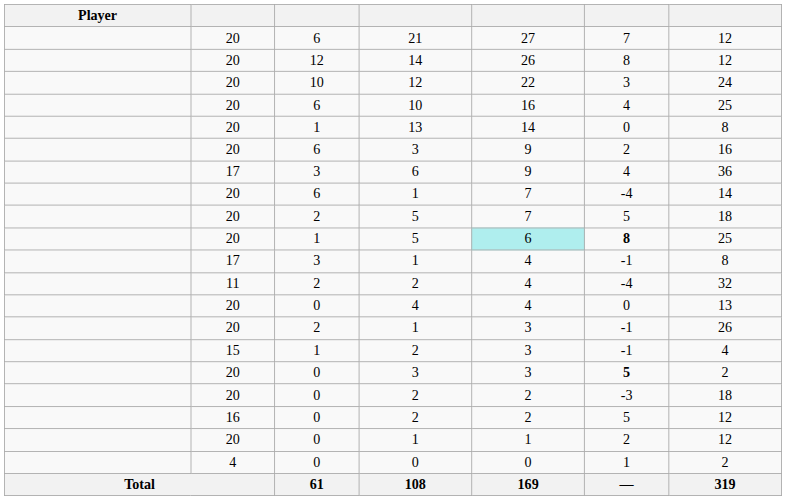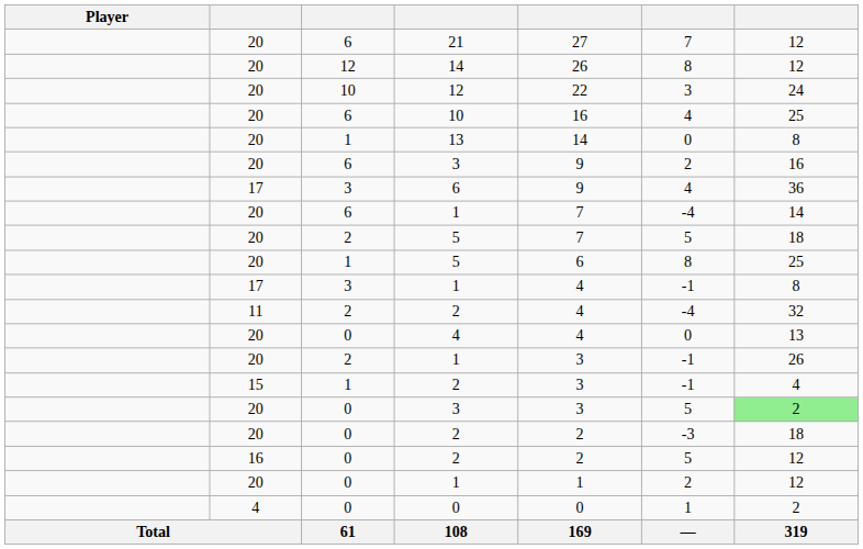 <table class="wikitable sortable" style="width:100%; text-align:center;">
 <tr>
 <th>Player</th>
 <th></th>
 <th></th>
 <th></th>
 <th></th>
 <th data-sort-type="number"></th>
 <th></th>
 </tr>
 <tr>
 <td></td>
 <td>20</td>
 <td>6</td>
 <td>21</td>
 <td>27</td>
 <td>7</td>
 <td>12</td>
 </tr>
 <tr>
 <td></td>
 <td>20</td>
 <td>12</td>
 <td>14</td>
 <td>26</td>
 <td>8</td>
 <td>12</td>
 </tr>
 <tr>
 <td></td>
 <td>20</td>
 <td>10</td>
 <td>12</td>
 <td>22</td>
 <td>3</td>
 <td>24</td>
 </tr>
 <tr>
 <td></td>
 <td>20</td>
 <td>6</td>
 <td>10</td>
 <td>16</td>
 <td>4</td>
 <td>25</td>
 </tr>
 <tr>
 <td></td>
 <td>20</td>
 <td>1</td>
 <td>13</td>
 <td>14</td>
 <td>0</td>
 <td>8</td>
 </tr>
 <tr>
 <td></td>
 <td>20</td>
 <td>6</td>
 <td>3</td>
 <td>9</td>
 <td>2</td>
 <td>16</td>
 </tr>
 <tr>
 <td></td>
 <td>17</td>
 <td>3</td>
 <td>6</td>
 <td>9</td>
 <td>4</td>
 <td>36</td>
 </tr>
 <tr>
 <td></td>
 <td>20</td>
 <td>6</td>
 <td>1</td>
 <td>7</td>
 <td>-4</td>
 <td>14</td>
 </tr>
 <tr>
 <td></td>
 <td>20</td>
 <td>2</td>
 <td>5</td>
 <td>7</td>
 <td>5</td>
 <td>18</td>
 </tr>
 <tr>
 <td></td>
 <td>20</td>
 <td>1</td>
 <td>5</td>
-<td style="background: paleturquoise;">6</td>
-<td><strong>8</strong></td>
+<td>6</td>
+<td>8</td>
 <td>25</td>
 </tr>
 <tr>
 <td></td>
 <td>17</td>
 <td>3</td>
 <td>1</td>
 <td>4</td>
 <td>-1</td>
 <td>8</td>
 </tr>
 <tr>
 <td></td>
 <td>11</td>
 <td>2</td>
 <td>2</td>
 <td>4</td>
 <td>-4</td>
 <td>32</td>
 </tr>
 <tr>
 <td></td>
 <td>20</td>
 <td>0</td>
 <td>4</td>
 <td>4</td>
 <td>0</td>
 <td>13</td>
 </tr>
 <tr>
 <td></td>
 <td>20</td>
 <td>2</td>
 <td>1</td>
 <td>3</td>
 <td>-1</td>
 <td>26</td>
 </tr>
 <tr>
 <td></td>
 <td>15</td>
 <td>1</td>
 <td>2</td>
 <td>3</td>
 <td>-1</td>
 <td>4</td>
 </tr>
 <tr>
 <td></td>
 <td>20</td>
 <td>0</td>
 <td>3</td>
 <td>3</td>
-<td><strong>5</strong></td>
-<td>2</td>
+<td>5</td>
+<td style="background: lightgreen;">2</td>
 </tr>
 <tr>
 <td></td>
 <td>20</td>
 <td>0</td>
 <td>2</td>
 <td>2</td>
 <td>-3</td>
 <td>18</td>
 </tr>
 <tr>
 <td></td>
 <td>16</td>
 <td>0</td>
 <td>2</td>
 <td>2</td>
 <td>5</td>
 <td>12</td>
 </tr>
 <tr>
 <td></td>
 <td>20</td>
 <td>0</td>
 <td>1</td>
 <td>1</td>
 <td>2</td>
 <td>12</td>
 </tr>
 <tr>
 <td></td>
 <td>4</td>
 <td>0</td>
 <td>0</td>
 <td>0</td>
 <td>1</td>
 <td>2</td>
 </tr>
 <tr class="sortbottom">
 <th colspan=2>Total</th>
 <th>61</th>
 <th>108</th>
 <th>169</th>
 <th>—</th>
 <th>319</th>
 </tr>
 </table>
